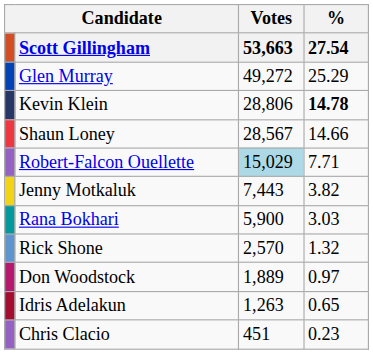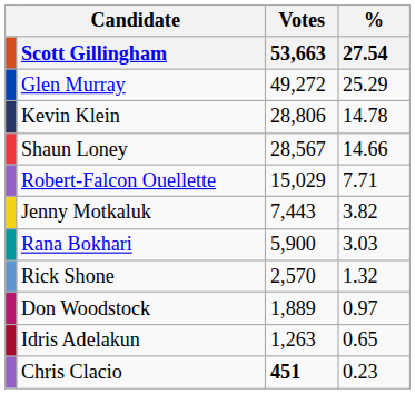 <table class="wikitable">
 <tr>
 <th bgcolor="#DDDDFF" width="200px"; colspan=2>Candidate</th>
 <th bgcolor="#DDDDFF" width="50px">Votes</th>
 <th bgcolor="#DDDDFF" width="50px">%</th>
 </tr>
 <tr>
 <td style="background:#d34e23;"></td>
 <th style="text-align:left; background:#"><a href='#'>Scott Gillingham</a></th>
 <th style="text-align:left; background:#">53,663</th>
 <th style="text-align:left; background:#">27.54</th>
 </tr>
 <tr>
 <td style="background:#0142b4;"></td>
 <td><a href='#'>Glen Murray</a></td>
 <td>49,272</td>
 <td>25.29</td>
 </tr>
 <tr>
 <td style="background:#263766;"></td>
 <td>Kevin Klein</td>
 <td>28,806</td>
-<td><strong>14.78</strong></td>
+<td>14.78</td>
 </tr>
 <tr>
 <td style="background:#ef3741;"></td>
 <td>Shaun Loney</td>
 <td>28,567</td>
 <td>14.66</td>
 </tr>
 <tr>
 <td style="background:#9562c3;"></td>
 <td><a href='#'>Robert-Falcon Ouellette</a></td>
-<td style="background: lightblue;">15,029</td>
+<td>15,029</td>
 <td>7.71</td>
 </tr>
 <tr>
 <td style="background:#f3d315;"></td>
 <td>Jenny Motkaluk</td>
 <td>7,443</td>
 <td>3.82</td>
 </tr>
 <tr>
 <td style="background:#03989e;"></td>
 <td><a href='#'>Rana Bokhari</a></td>
 <td>5,900</td>
 <td>3.03</td>
 </tr>
 <tr>
 <td style="background:#5f95ce;"></td>
 <td>Rick Shone</td>
 <td>2,570</td>
 <td>1.32</td>
 </tr>
 <tr>
 <td style="background:#b5186d;"></td>
 <td>Don Woodstock</td>
 <td>1,889</td>
 <td>0.97</td>
 </tr>
 <tr>
 <td style="background:#a40d30;"></td>
 <td>Idris Adelakun</td>
 <td>1,263</td>
 <td>0.65</td>
 </tr>
 <tr>
 <td style="background:#9562c3;"></td>
 <td>Chris Clacio</td>
-<td>451</td>
+<td><strong>451</strong></td>
 <td>0.23</td>
 </tr>
 </table>
